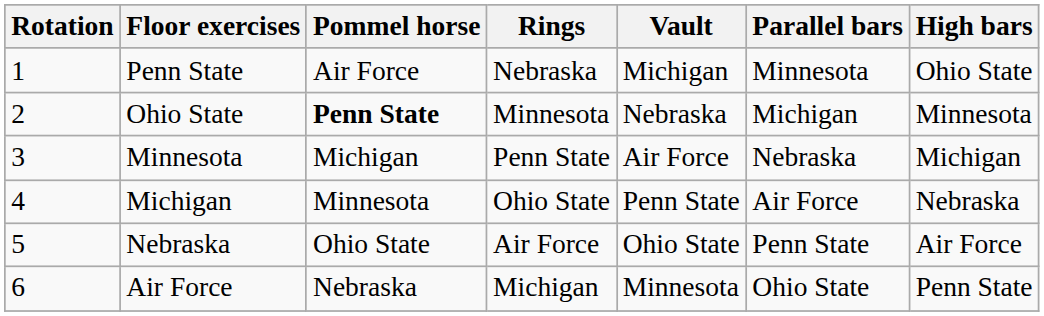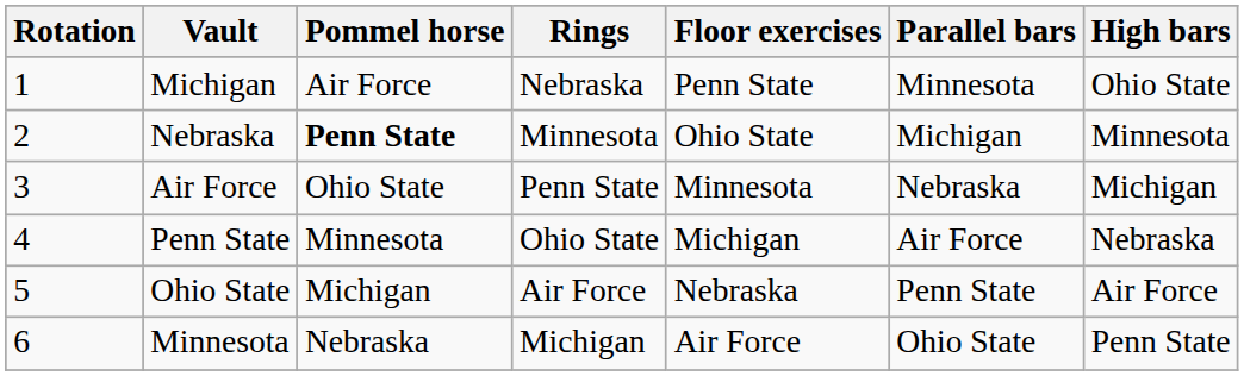 <table class="wikitable">
 <tr>
 <th>Rotation</th>
-<th>Floor exercises</th>
+<th>Vault</th>
 <th>Pommel horse</th>
 <th>Rings</th>
-<th>Vault</th>
+<th>Floor exercises</th>
 <th>Parallel bars</th>
 <th>High bars</th>
 </tr>
 <tr>
 <td>1</td>
-<td>Penn State</td>
+<td>Michigan</td>
 <td>Air Force</td>
 <td>Nebraska</td>
-<td>Michigan</td>
+<td>Penn State</td>
 <td>Minnesota</td>
 <td>Ohio State</td>
 </tr>
 <tr>
 <td>2</td>
-<td>Ohio State</td>
+<td>Nebraska</td>
 <td><strong>Penn State</strong></td>
 <td>Minnesota</td>
-<td>Nebraska</td>
+<td>Ohio State</td>
 <td>Michigan</td>
 <td>Minnesota</td>
 </tr>
 <tr>
 <td>3</td>
+<td>Air Force</td>
+<td>Ohio State</td>
+<td>Penn State</td>
 <td>Minnesota</td>
-<td>Michigan</td>
-<td>Penn State</td>
-<td>Air Force</td>
 <td>Nebraska</td>
 <td>Michigan</td>
 </tr>
 <tr>
 <td>4</td>
-<td>Michigan</td>
+<td>Penn State</td>
 <td>Minnesota</td>
 <td>Ohio State</td>
-<td>Penn State</td>
+<td>Michigan</td>
 <td>Air Force</td>
 <td>Nebraska</td>
 </tr>
 <tr>
 <td>5</td>
+<td>Ohio State</td>
+<td>Michigan</td>
+<td>Air Force</td>
 <td>Nebraska</td>
-<td>Ohio State</td>
-<td>Air Force</td>
-<td>Ohio State</td>
 <td>Penn State</td>
 <td>Air Force</td>
 </tr>
 <tr>
 <td>6</td>
-<td>Air Force</td>
+<td>Minnesota</td>
 <td>Nebraska</td>
 <td>Michigan</td>
-<td>Minnesota</td>
+<td>Air Force</td>
 <td>Ohio State</td>
 <td>Penn State</td>
 </tr>
 </table>
